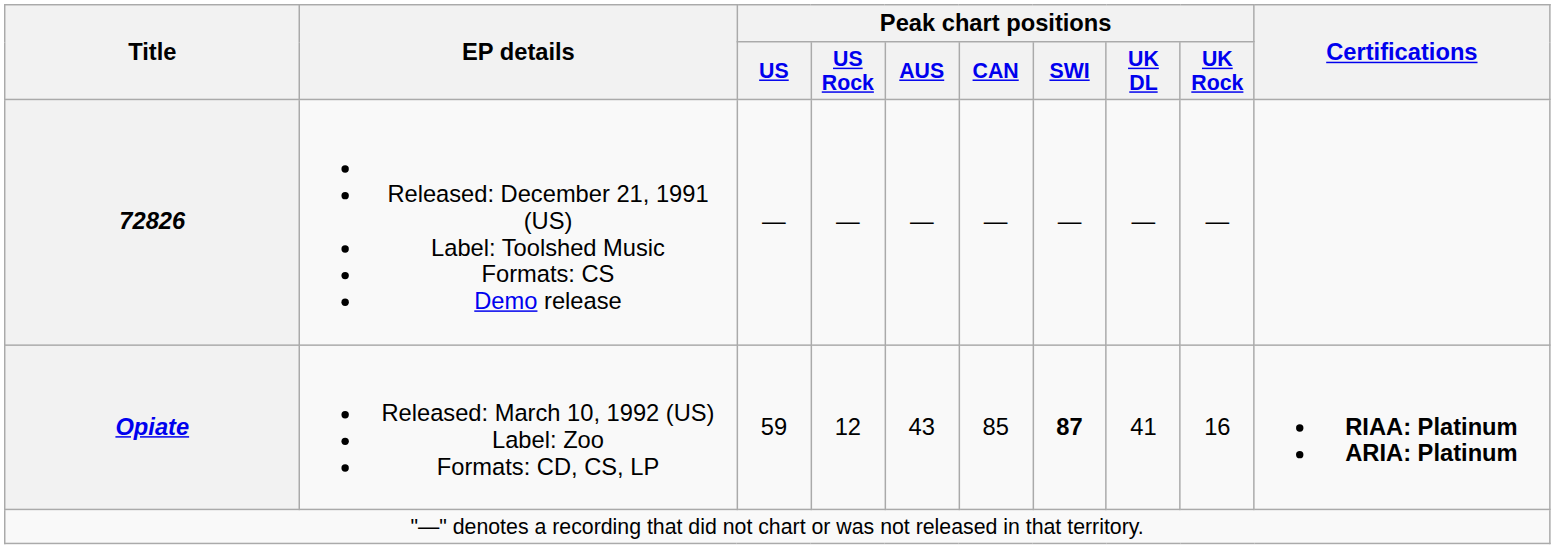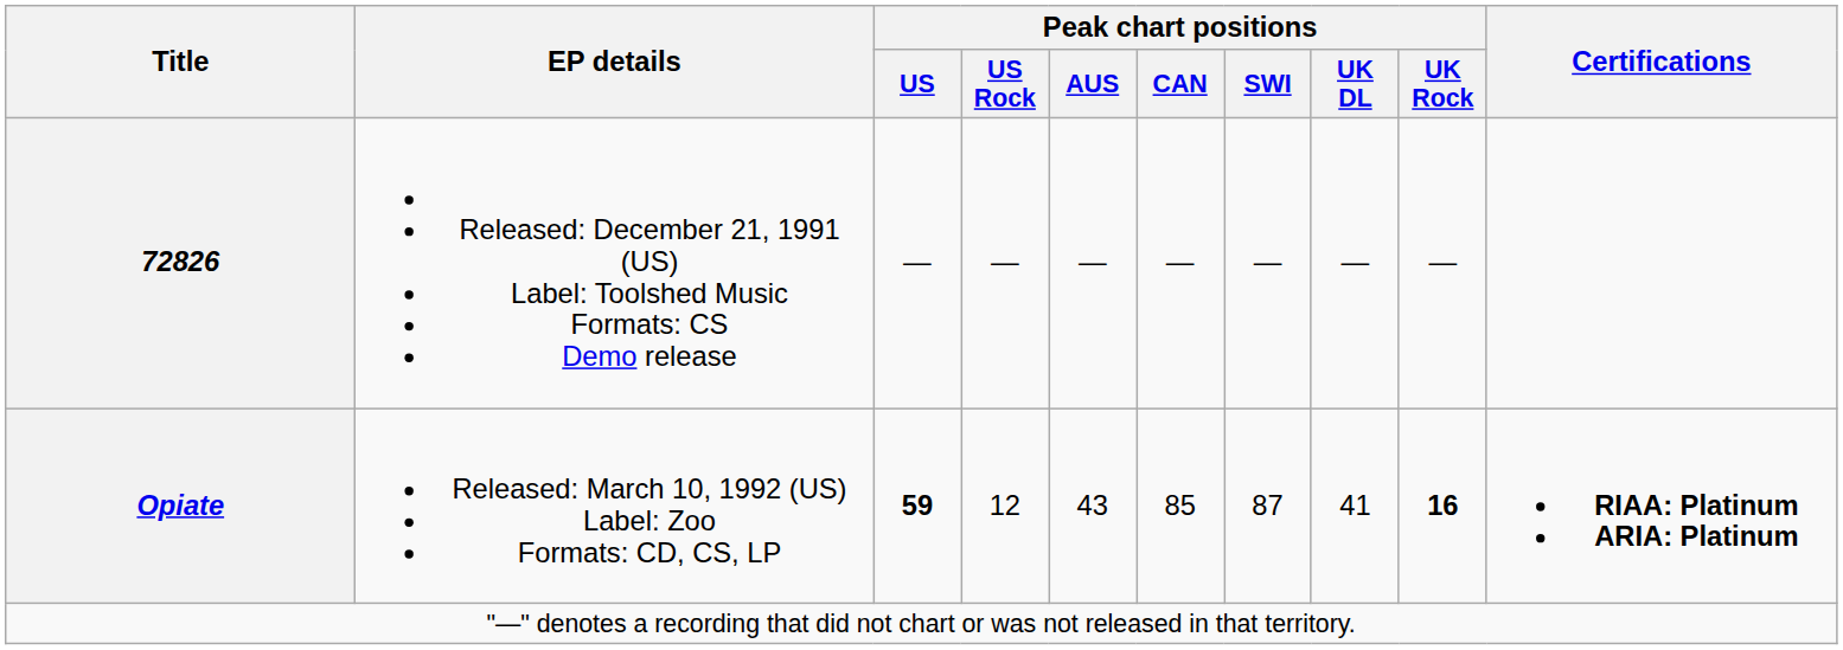 <table class="wikitable plainrowheaders" style="text-align:center;">
 <tr>
 <th scope="col" rowspan="2" style="width:12em;">Title</th>
 <th scope="col" rowspan="2" style="width:18em;">EP details</th>
 <th scope="col" colspan="7">Peak chart positions</th>
 <th scope="col" rowspan="2" style="width:12em;"><a href='#'>Certifications</a></th>
 </tr>
 <tr>
 <th scope="col" style="width:3em;font-size:90%;"><a href='#'>US</a><br></th>
 <th scope="col" style="width:3em;font-size:90%;"><a href='#'>US<br>Rock</a><br></th>
 <th scope="col" style="width:3em;font-size:90%;"><a href='#'>AUS</a><br></th>
 <th scope="col" style="width:3em;font-size:90%;"><a href='#'>CAN</a><br></th>
 <th scope="col" style="width:3em;font-size:90%;"><a href='#'>SWI</a><br></th>
 <th scope="col" style="width:3em;font-size:90%;"><a href='#'>UK<br>DL</a><br></th>
 <th scope="col" style="width:3em;font-size:90%;"><a href='#'>UK<br>Rock</a><br></th>
 </tr>
 <tr>
 <th scope="row"><em>72826</em></th>
 <td><br><ul><li></li><li>Released: December 21, 1991 <span>(US)</span></li><li>Label: Toolshed Music</li><li>Formats: CS</li><li><a href='#'>Demo</a> release</li></ul></td>
 <td>—</td>
 <td>—</td>
 <td>—</td>
 <td>—</td>
 <td>—</td>
 <td>—</td>
 <td>—</td>
 <td></td>
 </tr>
 <tr>
 <th scope="row"><em><a href='#'>Opiate</a></em></th>
 <td><br><ul><li>Released: March 10, 1992 <span>(US)</span></li><li>Label: Zoo</li><li>Formats: CD, CS, LP</li></ul></td>
-<td>59</td>
+<td><strong>59</strong></td>
 <td>12</td>
 <td>43</td>
 <td>85</td>
-<td><strong>87</strong></td>
+<td>87</td>
 <td>41</td>
-<td>16</td>
+<td><strong>16</strong></td>
 <td><strong><br><ul><li>RIAA: Platinum</li><li>ARIA: Platinum</li></ul></strong></td>
 </tr>
 <tr>
 <td colspan="15" style="font-size:90%">"—" denotes a recording that did not chart or was not released in that territory.</td>
 </tr>
 </table>
